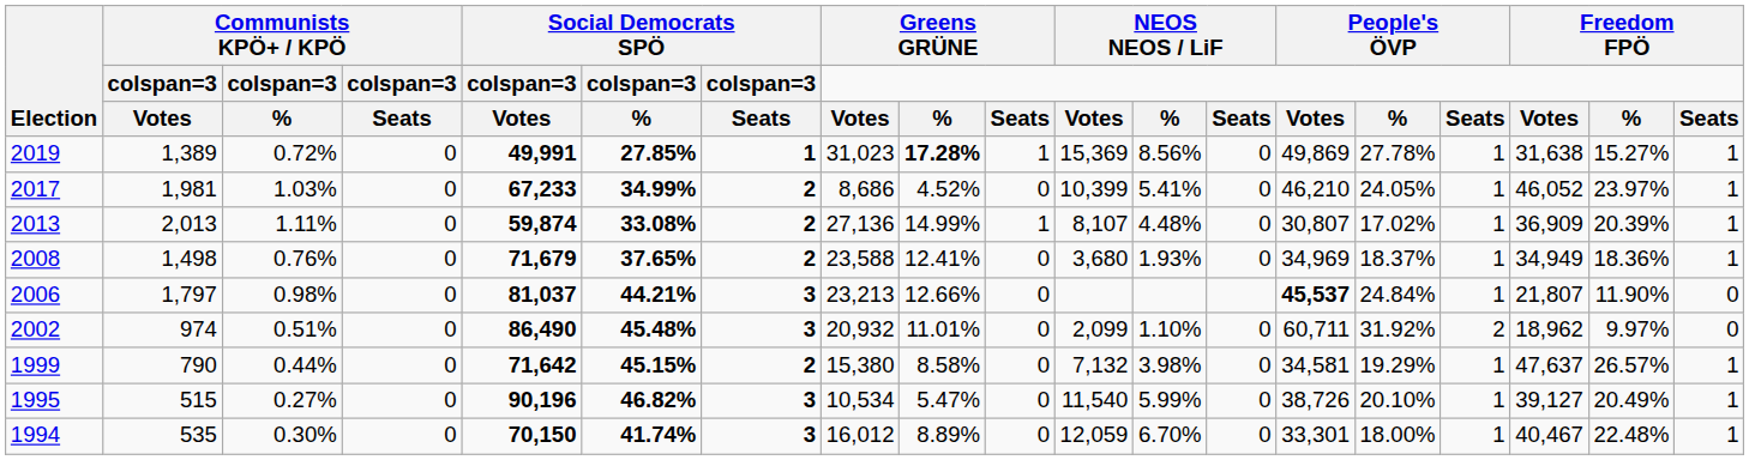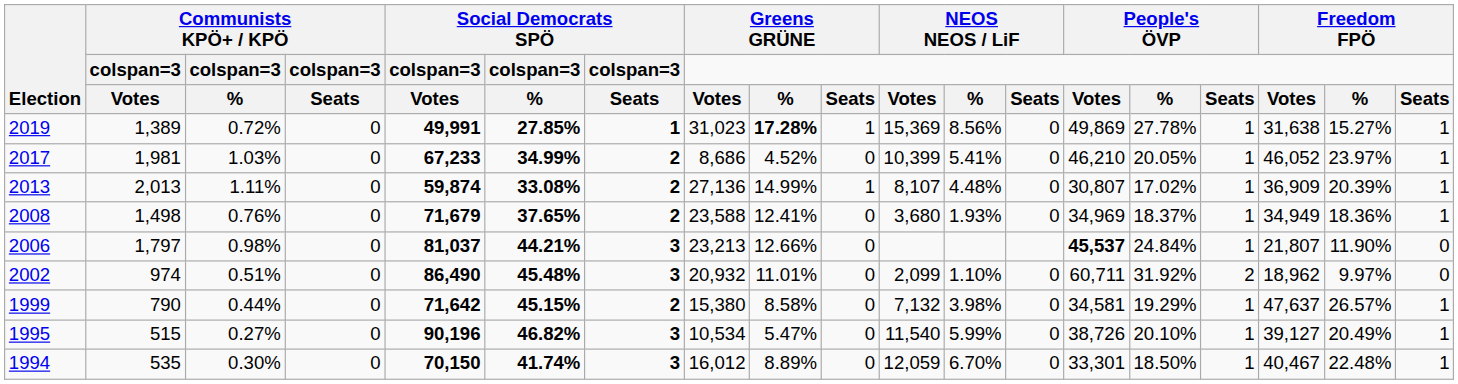 <table class="wikitable" border="1" style="font-size:100%; text-align:right;">
 <tr>
 <th style="text-align:left;" valign=bottom rowspan=3>Election</th>
 <th valign=bottom colspan=3><a href='#'>Communists</a><br>KPÖ+ / KPÖ</th>
 <th valign=bottom colspan=3><a href='#'>Social Democrats</a><br>SPÖ</th>
 <th valign=bottom colspan=3><a href='#'>Greens</a><br>GRÜNE</th>
 <th valign=bottom colspan=3><a href='#'>NEOS</a><br>NEOS / LiF</th>
 <th valign=bottom colspan=3><a href='#'>People's</a><br>ÖVP</th>
 <th valign=bottom colspan=3><a href='#'>Freedom</a><br>FPÖ</th>
 </tr>
 <tr>
 <th>colspan=3 </th>
 <th>colspan=3 </th>
 <th>colspan=3 </th>
 <th>colspan=3 </th>
 <th>colspan=3 </th>
 <th>colspan=3 </th>
 </tr>
 <tr>
 <th>Votes</th>
 <th>%</th>
 <th>Seats</th>
 <th>Votes</th>
 <th>%</th>
 <th>Seats</th>
 <th>Votes</th>
 <th>%</th>
 <th>Seats</th>
 <th>Votes</th>
 <th>%</th>
 <th>Seats</th>
 <th>Votes</th>
 <th>%</th>
 <th>Seats</th>
 <th>Votes</th>
 <th>%</th>
 <th>Seats</th>
 </tr>
 <tr>
 <td align=left><a href='#'>2019</a></td>
 <td>1,389</td>
 <td>0.72%</td>
 <td>0</td>
 <td><strong>49,991</strong></td>
 <td><strong>27.85%</strong></td>
 <td><strong>1</strong></td>
 <td>31,023</td>
 <td><strong>17.28%</strong></td>
 <td>1</td>
 <td>15,369</td>
 <td>8.56%</td>
 <td>0</td>
 <td>49,869</td>
 <td>27.78%</td>
 <td>1</td>
 <td>31,638</td>
 <td>15.27%</td>
 <td>1</td>
 </tr>
 <tr>
 <td align=left><a href='#'>2017</a></td>
 <td>1,981</td>
 <td>1.03%</td>
 <td>0</td>
 <td><strong>67,233</strong></td>
 <td><strong>34.99%</strong></td>
 <td><strong>2</strong></td>
 <td>8,686</td>
 <td>4.52%</td>
 <td>0</td>
 <td>10,399</td>
 <td>5.41%</td>
 <td>0</td>
 <td>46,210</td>
-<td>24.05%</td>
+<td>20.05%</td>
 <td>1</td>
 <td>46,052</td>
 <td>23.97%</td>
 <td>1</td>
 </tr>
 <tr>
 <td align=left><a href='#'>2013</a></td>
 <td>2,013</td>
 <td>1.11%</td>
 <td>0</td>
 <td><strong>59,874</strong></td>
 <td><strong>33.08%</strong></td>
 <td><strong>2</strong></td>
 <td>27,136</td>
 <td>14.99%</td>
 <td>1</td>
 <td>8,107</td>
 <td>4.48%</td>
 <td>0</td>
 <td>30,807</td>
 <td>17.02%</td>
 <td>1</td>
 <td>36,909</td>
 <td>20.39%</td>
 <td>1</td>
 </tr>
 <tr>
 <td align=left><a href='#'>2008</a></td>
 <td>1,498</td>
 <td>0.76%</td>
 <td>0</td>
 <td><strong>71,679</strong></td>
 <td><strong>37.65%</strong></td>
 <td><strong>2</strong></td>
 <td>23,588</td>
 <td>12.41%</td>
 <td>0</td>
 <td>3,680</td>
 <td>1.93%</td>
 <td>0</td>
 <td>34,969</td>
 <td>18.37%</td>
 <td>1</td>
 <td>34,949</td>
 <td>18.36%</td>
 <td>1</td>
 </tr>
 <tr>
 <td align=left><a href='#'>2006</a></td>
 <td>1,797</td>
 <td>0.98%</td>
 <td>0</td>
 <td><strong>81,037</strong></td>
 <td><strong>44.21%</strong></td>
 <td><strong>3</strong></td>
 <td>23,213</td>
 <td>12.66%</td>
 <td>0</td>
 <td></td>
 <td></td>
 <td></td>
 <td><strong>45,537</strong></td>
 <td>24.84%</td>
 <td>1</td>
 <td>21,807</td>
 <td>11.90%</td>
 <td>0</td>
 </tr>
 <tr>
 <td align=left><a href='#'>2002</a></td>
 <td>974</td>
 <td>0.51%</td>
 <td>0</td>
 <td><strong>86,490</strong></td>
 <td><strong>45.48%</strong></td>
 <td><strong>3</strong></td>
 <td>20,932</td>
 <td>11.01%</td>
 <td>0</td>
 <td>2,099</td>
 <td>1.10%</td>
 <td>0</td>
 <td>60,711</td>
 <td>31.92%</td>
 <td>2</td>
 <td>18,962</td>
 <td>9.97%</td>
 <td>0</td>
 </tr>
 <tr>
 <td align=left><a href='#'>1999</a></td>
 <td>790</td>
 <td>0.44%</td>
 <td>0</td>
 <td><strong>71,642</strong></td>
 <td><strong>45.15%</strong></td>
 <td><strong>2</strong></td>
 <td>15,380</td>
 <td>8.58%</td>
 <td>0</td>
 <td>7,132</td>
 <td>3.98%</td>
 <td>0</td>
 <td>34,581</td>
 <td>19.29%</td>
 <td>1</td>
 <td>47,637</td>
 <td>26.57%</td>
 <td>1</td>
 </tr>
 <tr>
 <td align=left><a href='#'>1995</a></td>
 <td>515</td>
 <td>0.27%</td>
 <td>0</td>
 <td><strong>90,196</strong></td>
 <td><strong>46.82%</strong></td>
 <td><strong>3</strong></td>
 <td>10,534</td>
 <td>5.47%</td>
 <td>0</td>
 <td>11,540</td>
 <td>5.99%</td>
 <td>0</td>
 <td>38,726</td>
 <td>20.10%</td>
 <td>1</td>
 <td>39,127</td>
 <td>20.49%</td>
 <td>1</td>
 </tr>
 <tr>
 <td align=left><a href='#'>1994</a></td>
 <td>535</td>
 <td>0.30%</td>
 <td>0</td>
 <td><strong>70,150</strong></td>
 <td><strong>41.74%</strong></td>
 <td><strong>3</strong></td>
 <td>16,012</td>
 <td>8.89%</td>
 <td>0</td>
 <td>12,059</td>
 <td>6.70%</td>
 <td>0</td>
 <td>33,301</td>
-<td>18.00%</td>
+<td>18.50%</td>
 <td>1</td>
 <td>40,467</td>
 <td>22.48%</td>
 <td>1</td>
 </tr>
 </table>
